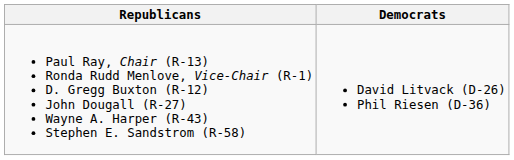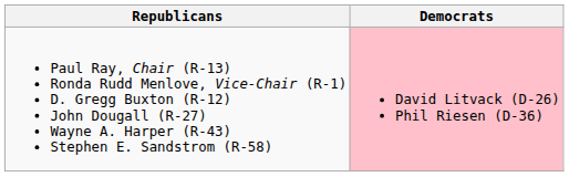 <table class=wikitable>
 <tr>
 <th>Republicans</th>
 <th>Democrats</th>
 </tr>
 <tr>
 <td><br><ul><li>Paul Ray, <em>Chair</em> (R-13)</li><li>Ronda Rudd Menlove, <em>Vice-Chair</em> (R-1)</li><li>D. Gregg Buxton (R-12)</li><li>John Dougall (R-27)</li><li>Wayne A. Harper (R-43)</li><li>Stephen E. Sandstrom (R-58)</li></ul></td>
-<td><br><ul><li>David Litvack (D-26)</li><li>Phil Riesen (D-36)</li></ul></td>
+<td style="background: pink;"><br><ul><li>David Litvack (D-26)</li><li>Phil Riesen (D-36)</li></ul></td>
 </tr>
 </table>
